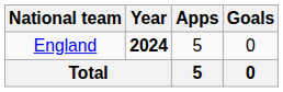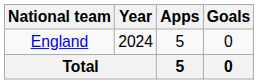 <table class="wikitable" style="text-align: center;">
 <tr>
 <th>National team</th>
 <th>Year</th>
 <th>Apps</th>
 <th>Goals</th>
 </tr>
 <tr>
 <td><a href='#'>England</a></td>
-<td><strong>2024</strong></td>
+<td>2024</td>
 <td>5</td>
 <td>0</td>
 </tr>
 <tr>
 <th colspan="2">Total</th>
 <th>5</th>
 <th>0</th>
 </tr>
 </table>
